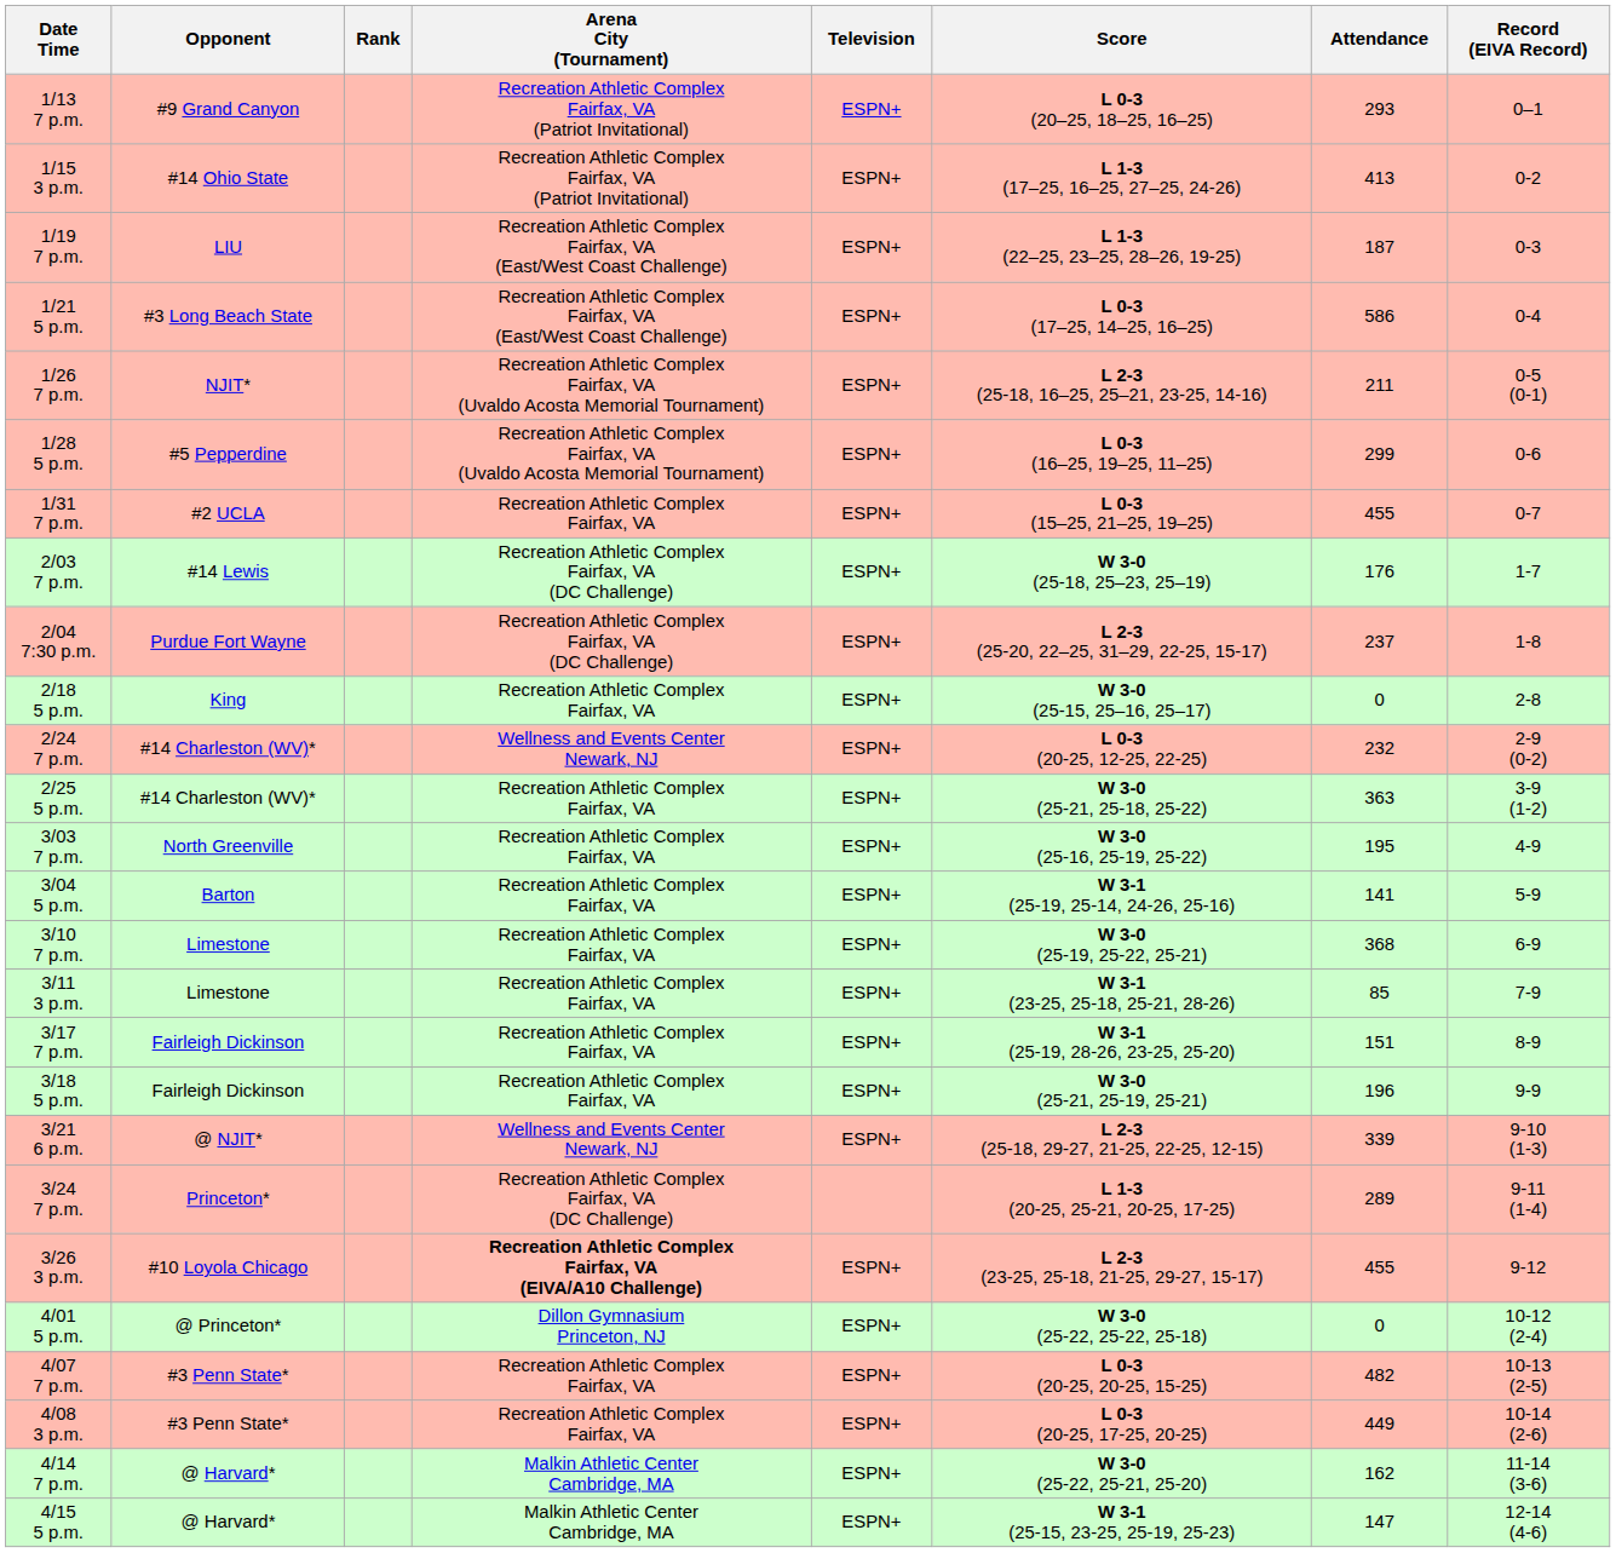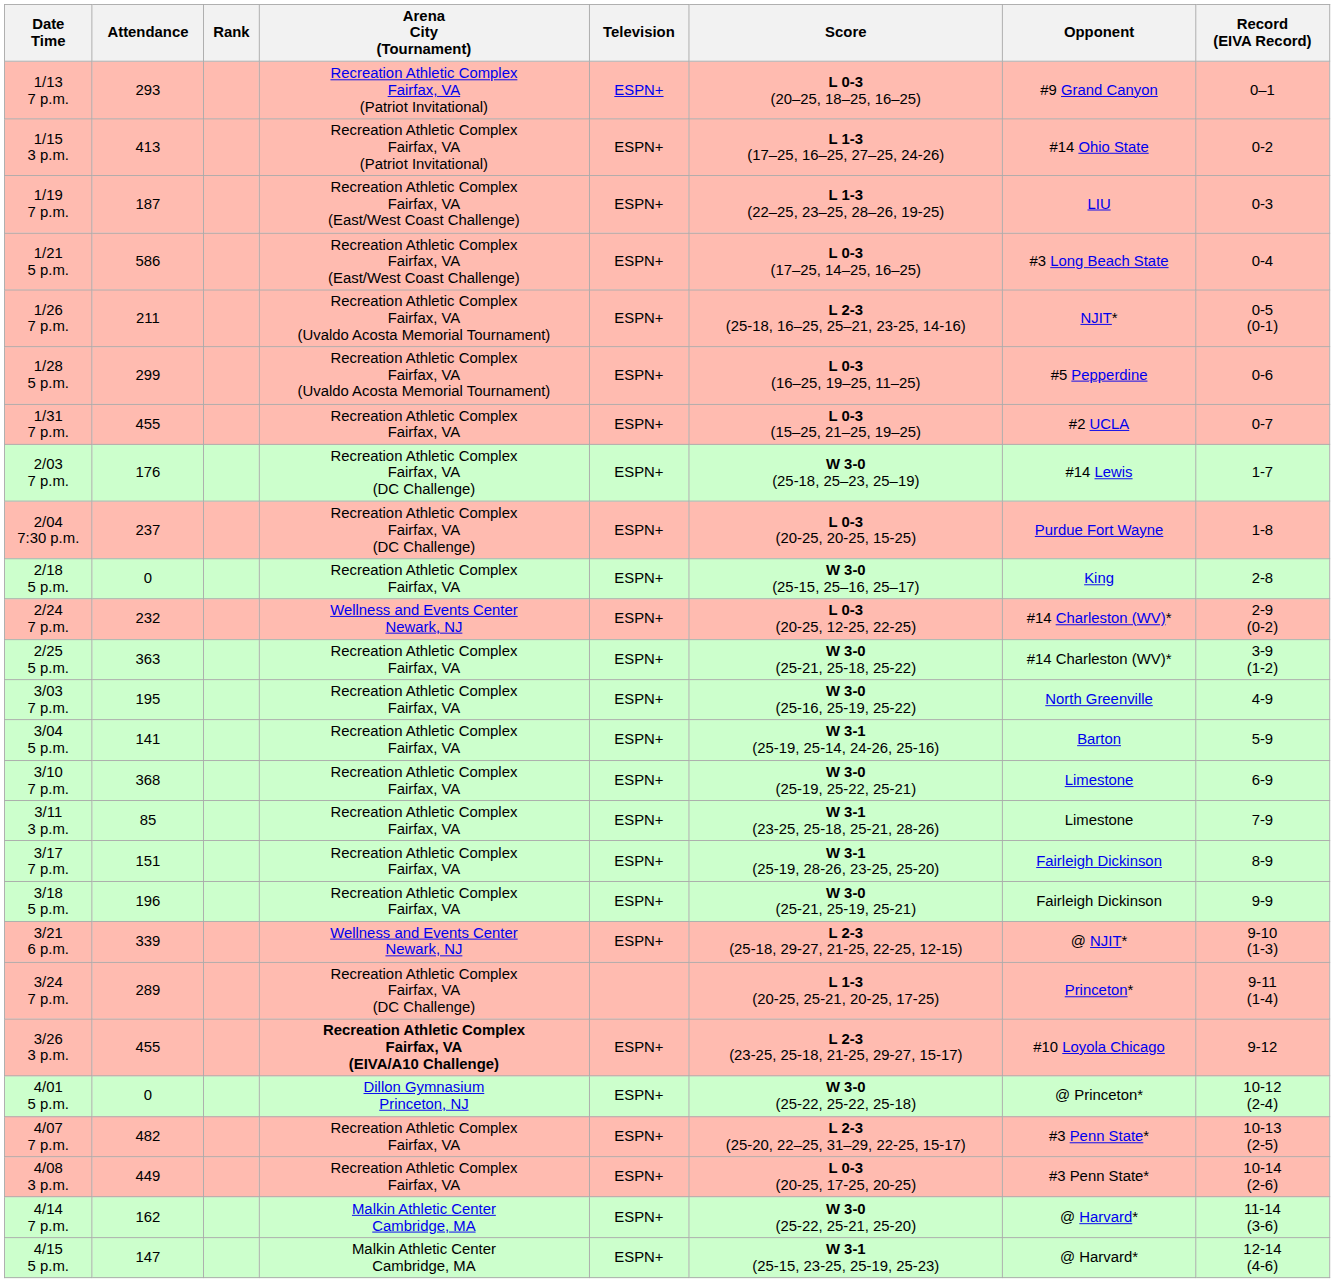 <table class="wikitable sortable" style="width:90%">
 <tr>
 <th>Date<br>Time</th>
-<th>Opponent</th>
+<th>Attendance</th>
 <th>Rank</th>
 <th>Arena<br>City<br>(Tournament)</th>
 <th>Television</th>
 <th>Score</th>
-<th>Attendance</th>
+<th>Opponent</th>
 <th>Record<br>(EIVA Record)</th>
 </tr>
 <tr align="center" bgcolor="#ffbbb">
 <td>1/13<br>7 p.m.</td>
-<td>#9 <a href='#'>Grand Canyon</a></td>
+<td>293</td>
 <td></td>
 <td><a href='#'>Recreation Athletic Complex</a><br><a href='#'>Fairfax, VA</a><br>(Patriot Invitational)</td>
 <td><a href='#'>ESPN+</a></td>
 <td><strong>L 0-3</strong><br>(20–25, 18–25, 16–25)</td>
-<td>293</td>
+<td>#9 <a href='#'>Grand Canyon</a></td>
 <td>0–1</td>
 </tr>
 <tr align="center" bgcolor="#ffbbb">
 <td>1/15<br>3 p.m.</td>
-<td>#14 <a href='#'>Ohio State</a></td>
+<td>413</td>
 <td></td>
 <td>Recreation Athletic Complex<br> Fairfax, VA<br>(Patriot Invitational)</td>
 <td>ESPN+</td>
 <td><strong>L 1-3</strong><br>(17–25, 16–25, 27–25, 24-26)</td>
-<td>413</td>
+<td>#14 <a href='#'>Ohio State</a></td>
 <td>0-2</td>
 </tr>
 <tr align="center" bgcolor="#ffbbb">
 <td>1/19<br>7 p.m.</td>
-<td><a href='#'>LIU</a></td>
+<td>187</td>
 <td></td>
 <td>Recreation Athletic Complex<br> Fairfax, VA<br>(East/West Coast Challenge)</td>
 <td>ESPN+</td>
 <td><strong>L 1-3</strong><br>(22–25, 23–25, 28–26, 19-25)</td>
-<td>187</td>
+<td><a href='#'>LIU</a></td>
 <td>0-3</td>
 </tr>
 <tr align="center" bgcolor="#ffbbb">
 <td>1/21<br>5 p.m.</td>
-<td>#3 <a href='#'>Long Beach State</a></td>
+<td>586</td>
 <td></td>
 <td>Recreation Athletic Complex<br> Fairfax, VA<br>(East/West Coast Challenge)</td>
 <td>ESPN+</td>
 <td><strong>L 0-3</strong><br>(17–25, 14–25, 16–25)</td>
-<td>586</td>
+<td>#3 <a href='#'>Long Beach State</a></td>
 <td>0-4</td>
 </tr>
 <tr align="center" bgcolor="#ffbbb">
 <td>1/26<br>7 p.m.</td>
-<td><a href='#'>NJIT</a>*</td>
+<td>211</td>
 <td></td>
 <td>Recreation Athletic Complex<br> Fairfax, VA<br>(Uvaldo Acosta Memorial Tournament)</td>
 <td>ESPN+</td>
 <td><strong>L 2-3</strong><br>(25-18, 16–25, 25–21, 23-25, 14-16)</td>
-<td>211</td>
+<td><a href='#'>NJIT</a>*</td>
 <td>0-5<br>(0-1)</td>
 </tr>
 <tr align="center" bgcolor="#ffbbb">
 <td>1/28<br>5 p.m.</td>
-<td>#5 <a href='#'>Pepperdine</a></td>
+<td>299</td>
 <td></td>
 <td>Recreation Athletic Complex<br> Fairfax, VA<br>(Uvaldo Acosta Memorial Tournament)</td>
 <td>ESPN+</td>
 <td><strong>L 0-3</strong><br>(16–25, 19–25, 11–25)</td>
-<td>299</td>
+<td>#5 <a href='#'>Pepperdine</a></td>
 <td>0-6</td>
 </tr>
 <tr align="center" bgcolor="#ffbbb">
 <td>1/31<br>7 p.m.</td>
-<td>#2 <a href='#'>UCLA</a></td>
+<td>455</td>
 <td></td>
 <td>Recreation Athletic Complex<br> Fairfax, VA</td>
 <td>ESPN+</td>
 <td><strong>L 0-3</strong><br>(15–25, 21–25, 19–25)</td>
-<td>455</td>
+<td>#2 <a href='#'>UCLA</a></td>
 <td>0-7</td>
 </tr>
 <tr align="center" bgcolor="#ccffcc">
 <td>2/03<br>7 p.m.</td>
-<td>#14 <a href='#'>Lewis</a></td>
+<td>176</td>
 <td></td>
 <td>Recreation Athletic Complex<br> Fairfax, VA<br>(DC Challenge)</td>
 <td>ESPN+</td>
 <td><strong>W 3-0</strong><br>(25-18, 25–23, 25–19)</td>
-<td>176</td>
+<td>#14 <a href='#'>Lewis</a></td>
 <td>1-7</td>
 </tr>
 <tr align="center" bgcolor="#ffbbb">
 <td>2/04<br>7:30 p.m.</td>
-<td><a href='#'>Purdue Fort Wayne</a></td>
+<td>237</td>
 <td></td>
 <td>Recreation Athletic Complex<br> Fairfax, VA<br>(DC Challenge)</td>
 <td>ESPN+</td>
-<td><strong>L 2-3</strong><br>(25-20, 22–25, 31–29, 22-25, 15-17)</td>
-<td>237</td>
+<td><strong>L 0-3</strong><br>(20-25, 20-25, 15-25)</td>
+<td><a href='#'>Purdue Fort Wayne</a></td>
 <td>1-8</td>
 </tr>
 <tr align="center" bgcolor="#ccffcc">
 <td>2/18<br>5 p.m.</td>
-<td><a href='#'>King</a></td>
+<td>0</td>
 <td></td>
 <td>Recreation Athletic Complex<br> Fairfax, VA</td>
 <td>ESPN+</td>
 <td><strong>W 3-0</strong><br>(25-15, 25–16, 25–17)</td>
-<td>0</td>
+<td><a href='#'>King</a></td>
 <td>2-8</td>
 </tr>
 <tr align="center" bgcolor="#ffbbb">
 <td>2/24<br>7 p.m.</td>
-<td>#14 <a href='#'>Charleston (WV)</a>*</td>
+<td>232</td>
 <td></td>
 <td><a href='#'>Wellness and Events Center</a><br><a href='#'>Newark, NJ</a></td>
 <td>ESPN+</td>
 <td><strong>L 0-3</strong><br>(20-25, 12-25, 22-25)</td>
-<td>232</td>
+<td>#14 <a href='#'>Charleston (WV)</a>*</td>
 <td>2-9<br>(0-2)</td>
 </tr>
 <tr align="center" bgcolor="#ccffcc">
 <td>2/25<br>5 p.m.</td>
-<td>#14 Charleston (WV)*</td>
+<td>363</td>
 <td></td>
 <td>Recreation Athletic Complex<br> Fairfax, VA</td>
 <td>ESPN+</td>
 <td><strong>W 3-0</strong><br>(25-21, 25-18, 25-22)</td>
-<td>363</td>
+<td>#14 Charleston (WV)*</td>
 <td>3-9<br>(1-2)</td>
 </tr>
 <tr align="center" bgcolor="#ccffcc">
 <td>3/03<br>7 p.m.</td>
-<td><a href='#'>North Greenville</a></td>
+<td>195</td>
 <td></td>
 <td>Recreation Athletic Complex<br> Fairfax, VA</td>
 <td>ESPN+</td>
 <td><strong>W 3-0</strong><br>(25-16, 25-19, 25-22)</td>
-<td>195</td>
+<td><a href='#'>North Greenville</a></td>
 <td>4-9</td>
 </tr>
 <tr align="center" bgcolor="#ccffcc">
 <td>3/04<br>5 p.m.</td>
-<td><a href='#'>Barton</a></td>
+<td>141</td>
 <td></td>
 <td>Recreation Athletic Complex<br> Fairfax, VA</td>
 <td>ESPN+</td>
 <td><strong>W 3-1</strong><br>(25-19, 25-14, 24-26, 25-16)</td>
-<td>141</td>
+<td><a href='#'>Barton</a></td>
 <td>5-9</td>
 </tr>
 <tr align="center" bgcolor="#ccffcc">
 <td>3/10<br>7 p.m.</td>
-<td><a href='#'>Limestone</a></td>
+<td>368</td>
 <td></td>
 <td>Recreation Athletic Complex<br> Fairfax, VA</td>
 <td>ESPN+</td>
 <td><strong>W 3-0</strong><br>(25-19, 25-22, 25-21)</td>
-<td>368</td>
+<td><a href='#'>Limestone</a></td>
 <td>6-9</td>
 </tr>
 <tr align="center" bgcolor="#ccffcc">
 <td>3/11<br>3 p.m.</td>
-<td>Limestone</td>
+<td>85</td>
 <td></td>
 <td>Recreation Athletic Complex<br> Fairfax, VA</td>
 <td>ESPN+</td>
 <td><strong>W 3-1</strong><br>(23-25, 25-18, 25-21, 28-26)</td>
-<td>85</td>
+<td>Limestone</td>
 <td>7-9</td>
 </tr>
 <tr align="center" bgcolor="#ccffcc">
 <td>3/17<br>7 p.m.</td>
-<td><a href='#'>Fairleigh Dickinson</a></td>
+<td>151</td>
 <td></td>
 <td>Recreation Athletic Complex<br> Fairfax, VA</td>
 <td>ESPN+</td>
 <td><strong>W 3-1</strong><br>(25-19, 28-26, 23-25, 25-20)</td>
-<td>151</td>
+<td><a href='#'>Fairleigh Dickinson</a></td>
 <td>8-9</td>
 </tr>
 <tr align="center" bgcolor="#ccffcc">
 <td>3/18<br>5 p.m.</td>
-<td>Fairleigh Dickinson</td>
+<td>196</td>
 <td></td>
 <td>Recreation Athletic Complex<br> Fairfax, VA</td>
 <td>ESPN+</td>
 <td><strong>W 3-0</strong><br>(25-21, 25-19, 25-21)</td>
-<td>196</td>
+<td>Fairleigh Dickinson</td>
 <td>9-9</td>
 </tr>
 <tr align="center" bgcolor="#ffbbb">
 <td>3/21<br>6 p.m.</td>
-<td>@ <a href='#'>NJIT</a>*</td>
+<td>339</td>
 <td></td>
 <td><a href='#'>Wellness and Events Center</a><br><a href='#'>Newark, NJ</a></td>
 <td>ESPN+</td>
 <td><strong>L 2-3</strong><br>(25-18, 29-27, 21-25, 22-25, 12-15)</td>
-<td>339</td>
+<td>@ <a href='#'>NJIT</a>*</td>
 <td>9-10<br>(1-3)</td>
 </tr>
 <tr align="center" bgcolor="#ffbbb">
 <td>3/24<br>7 p.m.</td>
-<td><a href='#'>Princeton</a>*</td>
+<td>289</td>
 <td></td>
 <td>Recreation Athletic Complex<br> Fairfax, VA<br>(DC Challenge)</td>
 <td></td>
 <td><strong>L 1-3</strong><br>(20-25, 25-21, 20-25, 17-25)</td>
-<td>289</td>
+<td><a href='#'>Princeton</a>*</td>
 <td>9-11<br>(1-4)</td>
 </tr>
 <tr align="center" bgcolor="#ffbbb">
 <td>3/26<br>3 p.m.</td>
-<td>#10 <a href='#'>Loyola Chicago</a></td>
+<td>455</td>
 <td></td>
 <td><strong>Recreation Athletic Complex<br>Fairfax, VA<br>(EIVA/A10 Challenge)</strong></td>
 <td>ESPN+</td>
 <td><strong>L 2-3</strong><br>(23-25, 25-18, 21-25, 29-27, 15-17)</td>
-<td>455</td>
+<td>#10 <a href='#'>Loyola Chicago</a></td>
 <td>9-12</td>
 </tr>
 <tr align="center" bgcolor="#ccffcc">
 <td>4/01<br>5 p.m.</td>
-<td>@ Princeton*</td>
+<td>0</td>
 <td></td>
 <td><a href='#'>Dillon Gymnasium</a><br><a href='#'>Princeton, NJ</a></td>
 <td>ESPN+</td>
 <td><strong>W 3-0</strong><br>(25-22, 25-22, 25-18)</td>
-<td>0</td>
+<td>@ Princeton*</td>
 <td>10-12<br>(2-4)</td>
 </tr>
 <tr align="center" bgcolor="#ffbbb">
 <td>4/07<br>7 p.m.</td>
-<td>#3 <a href='#'>Penn State</a>*</td>
+<td>482</td>
 <td></td>
 <td>Recreation Athletic Complex<br> Fairfax, VA</td>
 <td>ESPN+</td>
-<td><strong>L 0-3</strong><br>(20-25, 20-25, 15-25)</td>
-<td>482</td>
+<td><strong>L 2-3</strong><br>(25-20, 22–25, 31–29, 22-25, 15-17)</td>
+<td>#3 <a href='#'>Penn State</a>*</td>
 <td>10-13<br>(2-5)</td>
 </tr>
 <tr align="center" bgcolor="#ffbbb">
 <td>4/08<br>3 p.m.</td>
-<td>#3 Penn State*</td>
+<td>449</td>
 <td></td>
 <td>Recreation Athletic Complex<br> Fairfax, VA</td>
 <td>ESPN+</td>
 <td><strong>L 0-3</strong><br>(20-25, 17-25, 20-25)</td>
-<td>449</td>
+<td>#3 Penn State*</td>
 <td>10-14<br>(2-6)</td>
 </tr>
 <tr align="center" bgcolor="#ccffcc">
 <td>4/14<br>7 p.m.</td>
-<td>@ <a href='#'>Harvard</a>*</td>
+<td>162</td>
 <td></td>
 <td><a href='#'>Malkin Athletic Center</a><br><a href='#'>Cambridge, MA</a></td>
 <td>ESPN+</td>
 <td><strong>W 3-0</strong><br>(25-22, 25-21, 25-20)</td>
-<td>162</td>
+<td>@ <a href='#'>Harvard</a>*</td>
 <td>11-14<br>(3-6)</td>
 </tr>
 <tr align="center" bgcolor="#ccffcc">
 <td>4/15<br>5 p.m.</td>
-<td>@ Harvard*</td>
+<td>147</td>
 <td></td>
 <td>Malkin Athletic Center<br>Cambridge, MA</td>
 <td>ESPN+</td>
 <td><strong>W 3-1</strong><br>(25-15, 23-25, 25-19, 25-23)</td>
-<td>147</td>
+<td>@ Harvard*</td>
 <td>12-14<br>(4-6)</td>
 </tr>
 </table>
